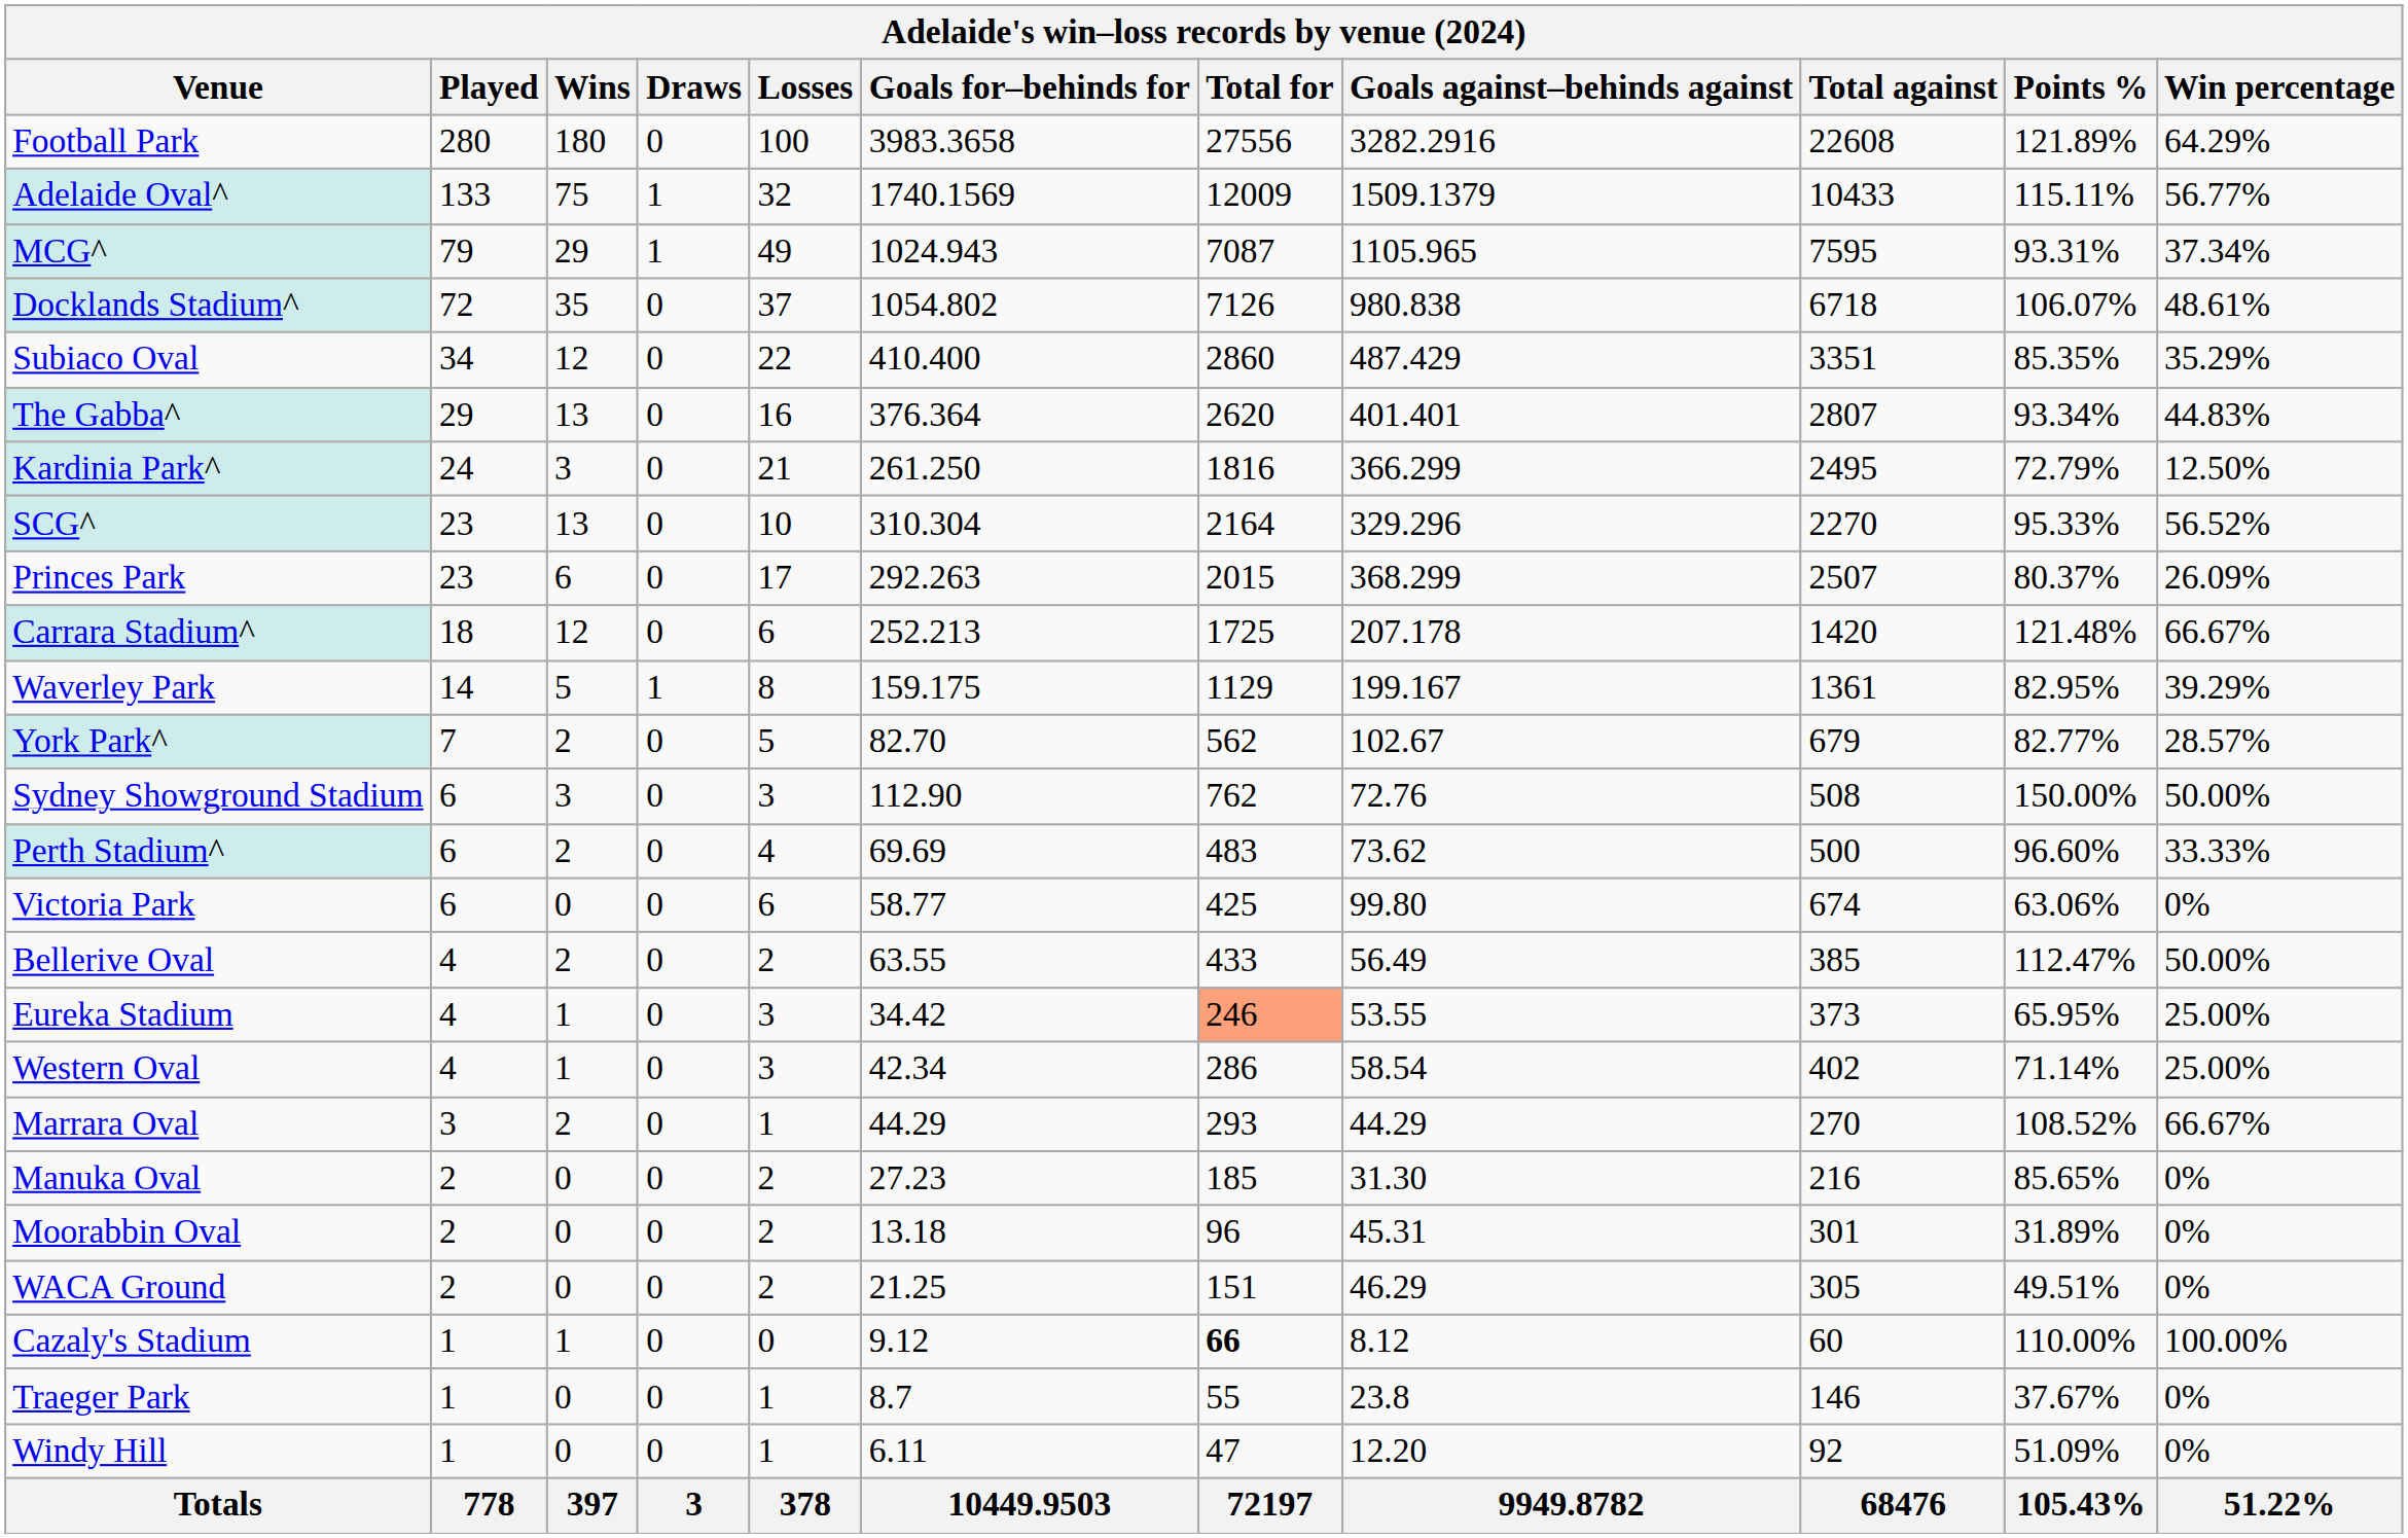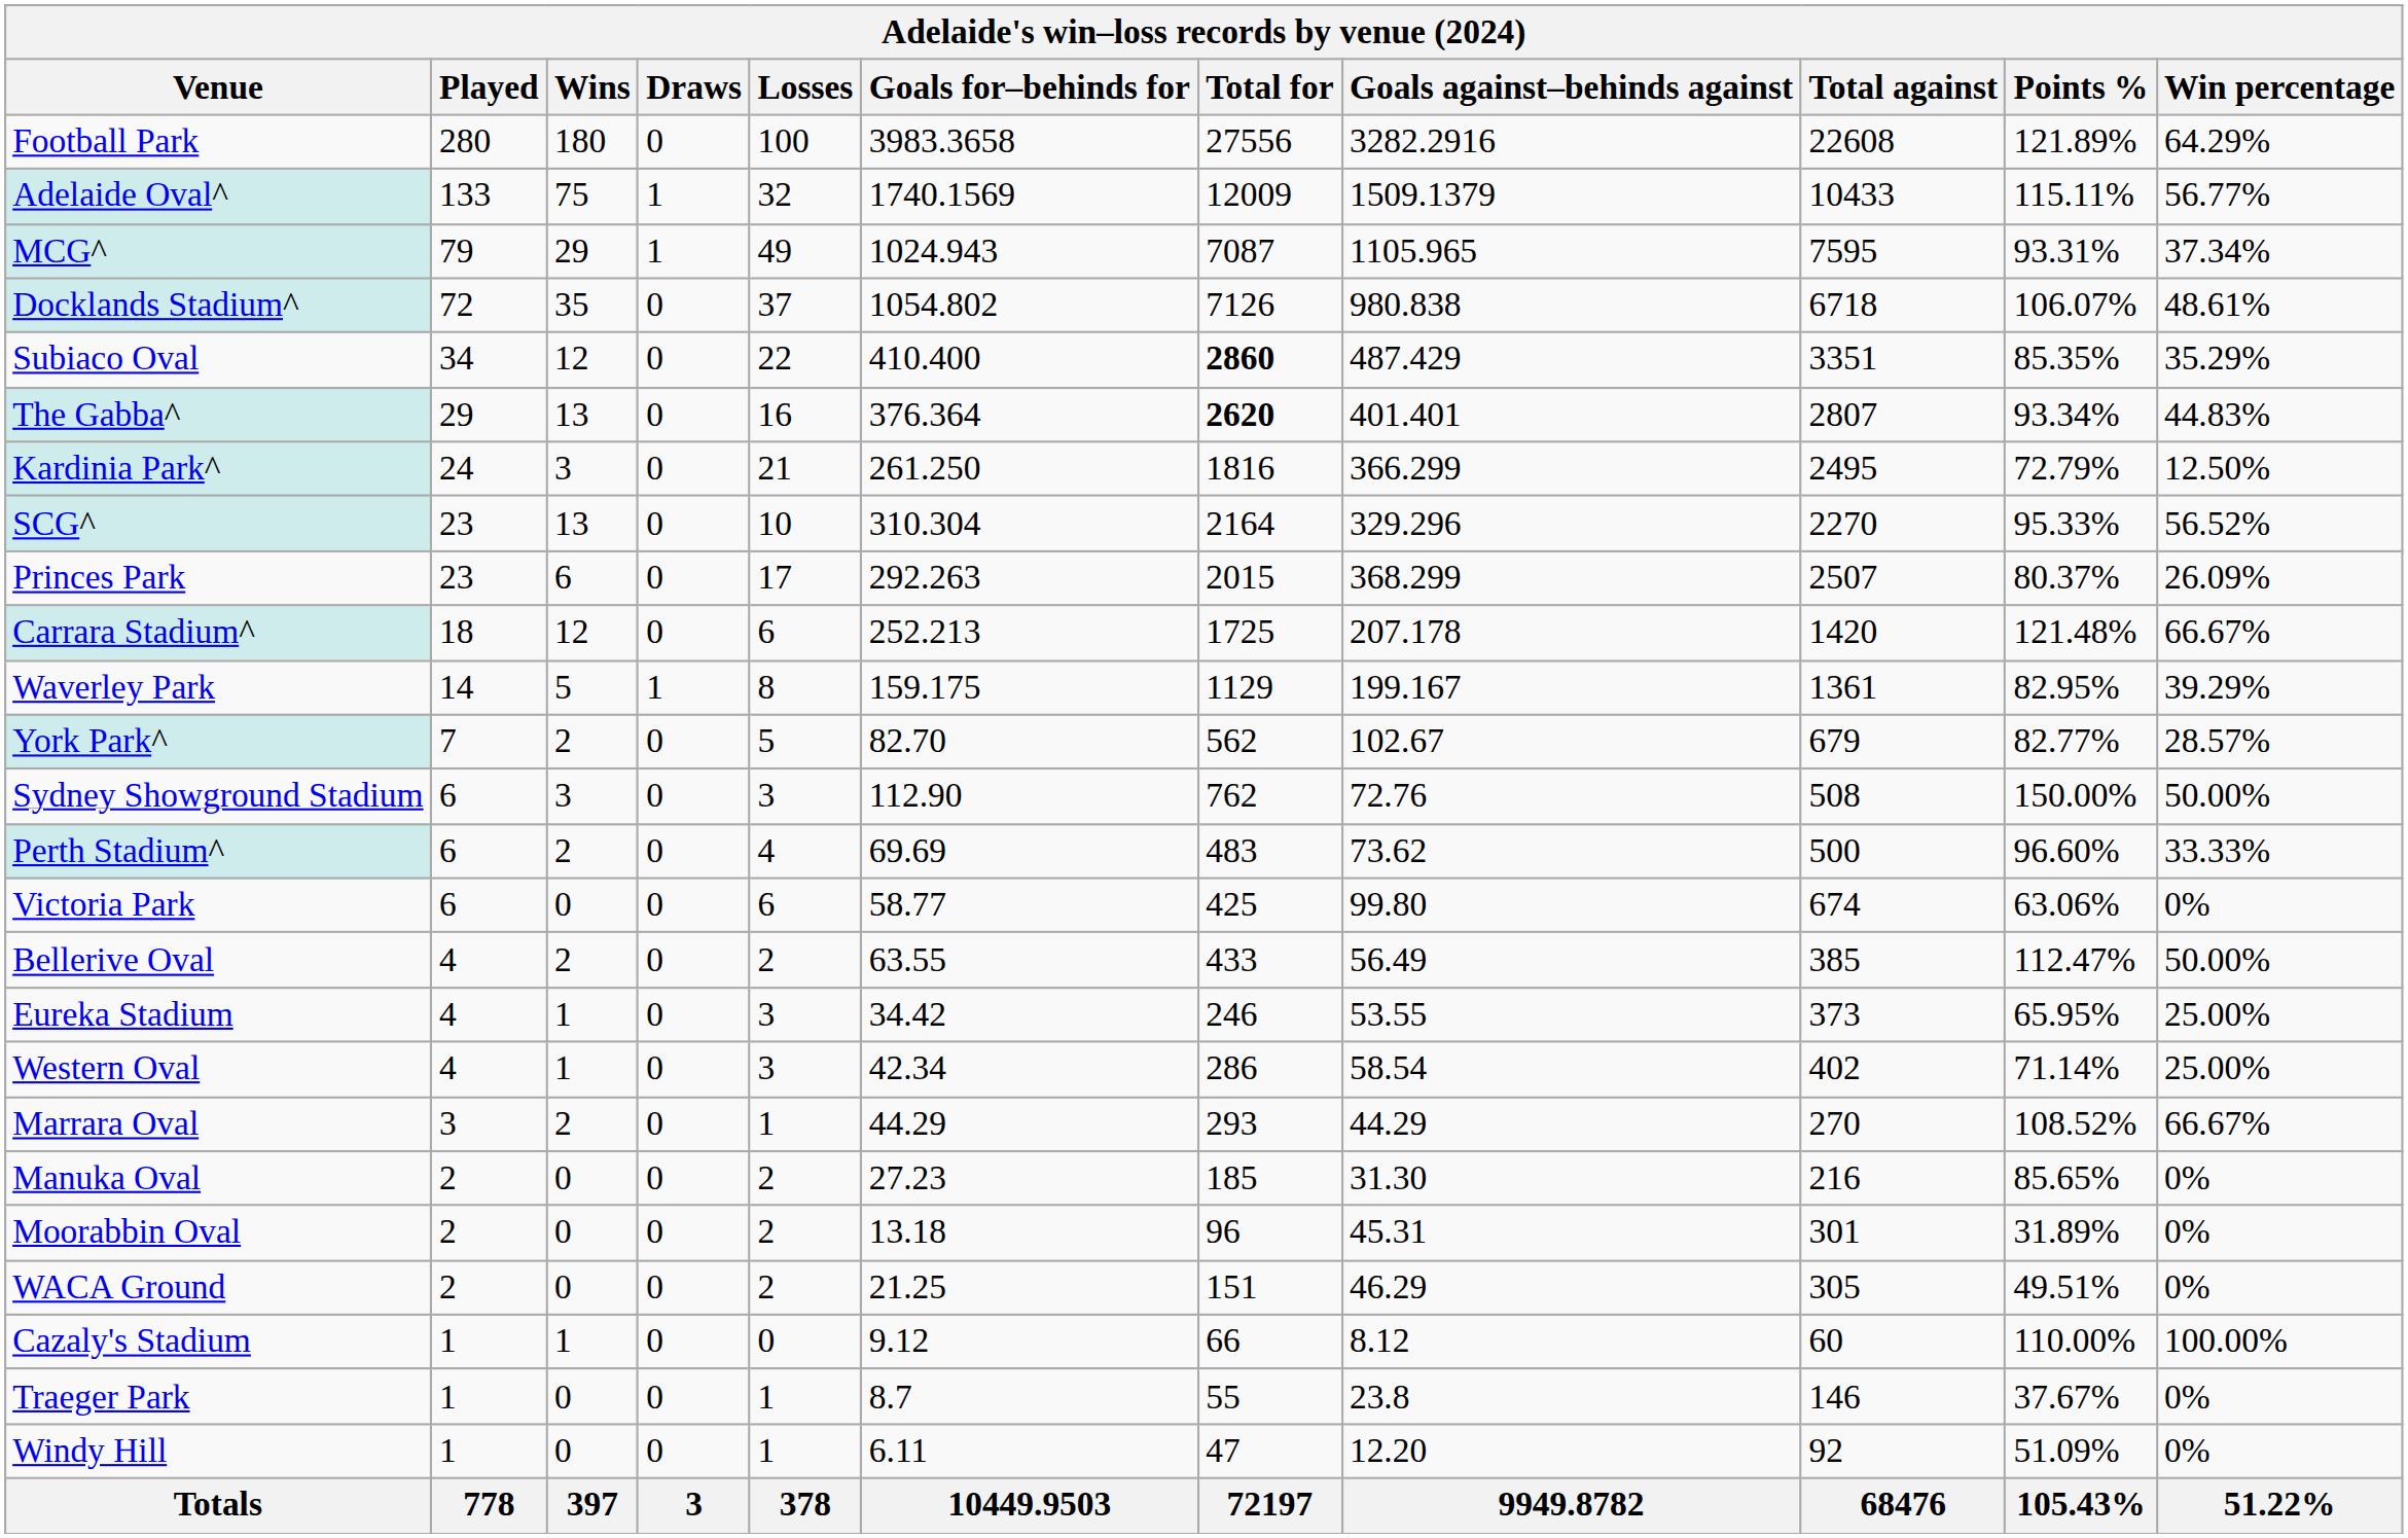 <table class="wikitable sortable" style="margin: 1em auto">
 <tr>
 <th colspan=13>Adelaide's win–loss records by venue (2024)</th>
 </tr>
 <tr>
 <th>Venue</th>
 <th>Played</th>
 <th>Wins</th>
 <th>Draws</th>
 <th>Losses</th>
 <th>Goals for–behinds for</th>
 <th>Total for</th>
 <th>Goals against–behinds against</th>
 <th>Total against</th>
 <th>Points %</th>
 <th>Win percentage</th>
 </tr>
 <tr>
 <td><a href='#'>Football Park</a></td>
 <td>280</td>
 <td>180</td>
 <td>0</td>
 <td>100</td>
 <td>3983.3658</td>
 <td>27556</td>
 <td>3282.2916</td>
 <td>22608</td>
 <td>121.89%</td>
 <td>64.29%</td>
 </tr>
 <tr>
 <td style="background-color:#CFECEC"><a href='#'>Adelaide Oval</a>^</td>
 <td>133</td>
 <td>75</td>
 <td>1</td>
 <td>32</td>
 <td>1740.1569</td>
 <td>12009</td>
 <td>1509.1379</td>
 <td>10433</td>
 <td>115.11%</td>
 <td>56.77%</td>
 </tr>
 <tr>
 <td style="background-color:#CFECEC"><a href='#'>MCG</a>^</td>
 <td>79</td>
 <td>29</td>
 <td>1</td>
 <td>49</td>
 <td>1024.943</td>
 <td>7087</td>
 <td>1105.965</td>
 <td>7595</td>
 <td>93.31%</td>
 <td>37.34%</td>
 </tr>
 <tr>
 <td style="background-color:#CFECEC"><a href='#'>Docklands Stadium</a>^</td>
 <td>72</td>
 <td>35</td>
 <td>0</td>
 <td>37</td>
 <td>1054.802</td>
 <td>7126</td>
 <td>980.838</td>
 <td>6718</td>
 <td>106.07%</td>
 <td>48.61%</td>
 </tr>
 <tr>
 <td><a href='#'>Subiaco Oval</a></td>
 <td>34</td>
 <td>12</td>
 <td>0</td>
 <td>22</td>
 <td>410.400</td>
-<td>2860</td>
+<td><strong>2860</strong></td>
 <td>487.429</td>
 <td>3351</td>
 <td>85.35%</td>
 <td>35.29%</td>
 </tr>
 <tr>
 <td style="background-color:#CFECEC"><a href='#'>The Gabba</a>^</td>
 <td>29</td>
 <td>13</td>
 <td>0</td>
 <td>16</td>
 <td>376.364</td>
-<td>2620</td>
+<td><strong>2620</strong></td>
 <td>401.401</td>
 <td>2807</td>
 <td>93.34%</td>
 <td>44.83%</td>
 </tr>
 <tr>
 <td style="background-color:#CFECEC"><a href='#'>Kardinia Park</a>^</td>
 <td>24</td>
 <td>3</td>
 <td>0</td>
 <td>21</td>
 <td>261.250</td>
 <td>1816</td>
 <td>366.299</td>
 <td>2495</td>
 <td>72.79%</td>
 <td>12.50%</td>
 </tr>
 <tr>
 <td style="background-color:#CFECEC"><a href='#'>SCG</a>^</td>
 <td>23</td>
 <td>13</td>
 <td>0</td>
 <td>10</td>
 <td>310.304</td>
 <td>2164</td>
 <td>329.296</td>
 <td>2270</td>
 <td>95.33%</td>
 <td>56.52%</td>
 </tr>
 <tr>
 <td><a href='#'>Princes Park</a></td>
 <td>23</td>
 <td>6</td>
 <td>0</td>
 <td>17</td>
 <td>292.263</td>
 <td>2015</td>
 <td>368.299</td>
 <td>2507</td>
 <td>80.37%</td>
 <td>26.09%</td>
 </tr>
 <tr>
 <td style="background-color:#CFECEC"><a href='#'>Carrara Stadium</a>^</td>
 <td>18</td>
 <td>12</td>
 <td>0</td>
 <td>6</td>
 <td>252.213</td>
 <td>1725</td>
 <td>207.178</td>
 <td>1420</td>
 <td>121.48%</td>
 <td>66.67%</td>
 </tr>
 <tr>
 <td><a href='#'>Waverley Park</a></td>
 <td>14</td>
 <td>5</td>
 <td>1</td>
 <td>8</td>
 <td>159.175</td>
 <td>1129</td>
 <td>199.167</td>
 <td>1361</td>
 <td>82.95%</td>
 <td>39.29%</td>
 </tr>
 <tr>
 <td style="background-color:#CFECEC"><a href='#'>York Park</a>^</td>
 <td>7</td>
 <td>2</td>
 <td>0</td>
 <td>5</td>
 <td>82.70</td>
 <td>562</td>
 <td>102.67</td>
 <td>679</td>
 <td>82.77%</td>
 <td>28.57%</td>
 </tr>
 <tr>
 <td><a href='#'>Sydney Showground Stadium</a></td>
 <td>6</td>
 <td>3</td>
 <td>0</td>
 <td>3</td>
 <td>112.90</td>
 <td>762</td>
 <td>72.76</td>
 <td>508</td>
 <td>150.00%</td>
 <td>50.00%</td>
 </tr>
 <tr>
 <td style="background-color:#CFECEC"><a href='#'>Perth Stadium</a>^</td>
 <td>6</td>
 <td>2</td>
 <td>0</td>
 <td>4</td>
 <td>69.69</td>
 <td>483</td>
 <td>73.62</td>
 <td>500</td>
 <td>96.60%</td>
 <td>33.33%</td>
 </tr>
 <tr>
 <td><a href='#'>Victoria Park</a></td>
 <td>6</td>
 <td>0</td>
 <td>0</td>
 <td>6</td>
 <td>58.77</td>
 <td>425</td>
 <td>99.80</td>
 <td>674</td>
 <td>63.06%</td>
 <td>0%</td>
 </tr>
 <tr>
 <td><a href='#'>Bellerive Oval</a></td>
 <td>4</td>
 <td>2</td>
 <td>0</td>
 <td>2</td>
 <td>63.55</td>
 <td>433</td>
 <td>56.49</td>
 <td>385</td>
 <td>112.47%</td>
 <td>50.00%</td>
 </tr>
 <tr>
 <td><a href='#'>Eureka Stadium</a></td>
 <td>4</td>
 <td>1</td>
 <td>0</td>
 <td>3</td>
 <td>34.42</td>
-<td style="background: lightsalmon;">246</td>
+<td>246</td>
 <td>53.55</td>
 <td>373</td>
 <td>65.95%</td>
 <td>25.00%</td>
 </tr>
 <tr>
 <td><a href='#'>Western Oval</a></td>
 <td>4</td>
 <td>1</td>
 <td>0</td>
 <td>3</td>
 <td>42.34</td>
 <td>286</td>
 <td>58.54</td>
 <td>402</td>
 <td>71.14%</td>
 <td>25.00%</td>
 </tr>
 <tr>
 <td><a href='#'>Marrara Oval</a></td>
 <td>3</td>
 <td>2</td>
 <td>0</td>
 <td>1</td>
 <td>44.29</td>
 <td>293</td>
 <td>44.29</td>
 <td>270</td>
 <td>108.52%</td>
 <td>66.67%</td>
 </tr>
 <tr>
 <td><a href='#'>Manuka Oval</a></td>
 <td>2</td>
 <td>0</td>
 <td>0</td>
 <td>2</td>
 <td>27.23</td>
 <td>185</td>
 <td>31.30</td>
 <td>216</td>
 <td>85.65%</td>
 <td>0%</td>
 </tr>
 <tr>
 <td><a href='#'>Moorabbin Oval</a></td>
 <td>2</td>
 <td>0</td>
 <td>0</td>
 <td>2</td>
 <td>13.18</td>
 <td>96</td>
 <td>45.31</td>
 <td>301</td>
 <td>31.89%</td>
 <td>0%</td>
 </tr>
 <tr>
 <td><a href='#'>WACA Ground</a></td>
 <td>2</td>
 <td>0</td>
 <td>0</td>
 <td>2</td>
 <td>21.25</td>
 <td>151</td>
 <td>46.29</td>
 <td>305</td>
 <td>49.51%</td>
 <td>0%</td>
 </tr>
 <tr>
 <td><a href='#'>Cazaly's Stadium</a></td>
 <td>1</td>
 <td>1</td>
 <td>0</td>
 <td>0</td>
 <td>9.12</td>
-<td><strong>66</strong></td>
+<td>66</td>
 <td>8.12</td>
 <td>60</td>
 <td>110.00%</td>
 <td>100.00%</td>
 </tr>
 <tr>
 <td><a href='#'>Traeger Park</a></td>
 <td>1</td>
 <td>0</td>
 <td>0</td>
 <td>1</td>
 <td>8.7</td>
 <td>55</td>
 <td>23.8</td>
 <td>146</td>
 <td>37.67%</td>
 <td>0%</td>
 </tr>
 <tr>
 <td><a href='#'>Windy Hill</a></td>
 <td>1</td>
 <td>0</td>
 <td>0</td>
 <td>1</td>
 <td>6.11</td>
 <td>47</td>
 <td>12.20</td>
 <td>92</td>
 <td>51.09%</td>
 <td>0%</td>
 </tr>
 <tr class=sortbottom>
 <th>Totals</th>
 <th>778</th>
 <th>397</th>
 <th>3</th>
 <th>378</th>
 <th>10449.9503</th>
 <th>72197</th>
 <th>9949.8782</th>
 <th>68476</th>
 <th>105.43%</th>
 <th>51.22%</th>
 </tr>
 <tr>
 </tr>
 </table>
